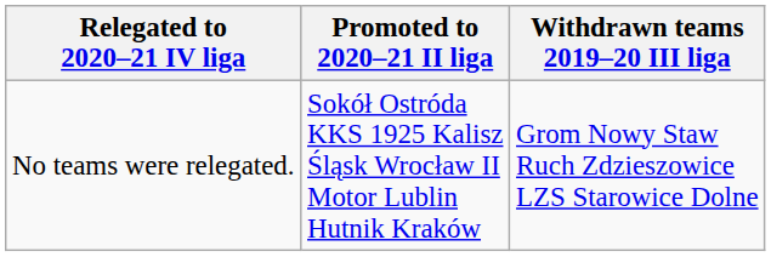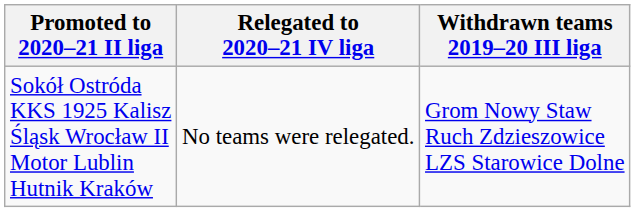 <table class="wikitable">
 <tr>
+<th>Promoted to<br><a href='#'>2020–21 II liga</a></th>
 <th>Relegated to<br><a href='#'>2020–21 IV liga</a></th>
-<th>Promoted to<br><a href='#'>2020–21 II liga</a></th>
 <th>Withdrawn teams<br><a href='#'>2019–20 III liga</a></th>
 </tr>
 <tr>
+<td> <a href='#'>Sokół Ostróda</a><br> <a href='#'>KKS 1925 Kalisz</a><br> <a href='#'>Śląsk Wrocław II</a><br> <a href='#'>Motor Lublin</a><br> <a href='#'>Hutnik Kraków</a></td>
 <td>No teams were relegated.</td>
-<td> <a href='#'>Sokół Ostróda</a><br> <a href='#'>KKS 1925 Kalisz</a><br> <a href='#'>Śląsk Wrocław II</a><br> <a href='#'>Motor Lublin</a><br> <a href='#'>Hutnik Kraków</a></td>
 <td> <a href='#'>Grom Nowy Staw</a><br>  <a href='#'>Ruch Zdzieszowice</a><br>  <a href='#'>LZS Starowice Dolne</a></td>
 </tr>
 </table>
